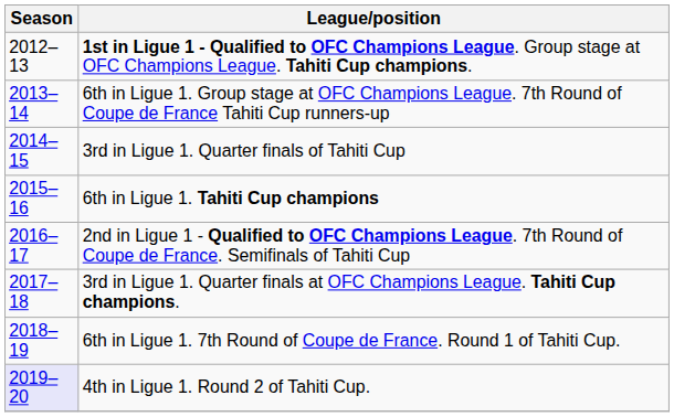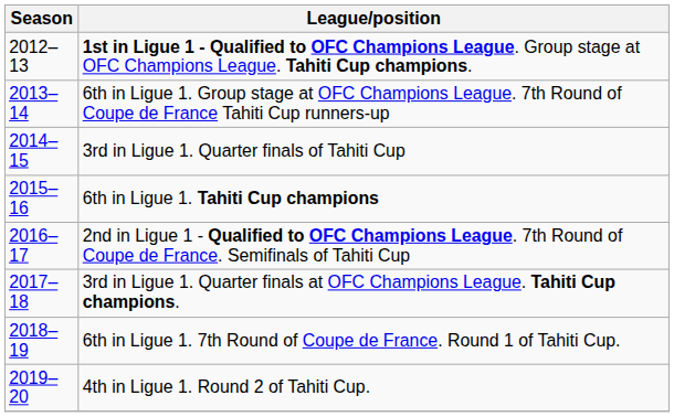 <table class="wikitable sortable">
 <tr>
 <th>Season</th>
 <th>League/position</th>
 </tr>
 <tr>
 <td>2012–13</td>
 <td><strong>1st in Ligue 1 - Qualified to <a href='#'> OFC Champions League</a></strong>. Group stage at <a href='#'>OFC Champions League</a>. <strong>Tahiti Cup champions</strong>.</td>
 </tr>
 <tr>
 <td><a href='#'>2013–14</a></td>
 <td>6th in Ligue 1. Group stage at <a href='#'> OFC Champions League</a>. 7th Round of <a href='#'>Coupe de France</a> Tahiti Cup runners-up</td>
 </tr>
 <tr>
 <td><a href='#'>2014–15</a></td>
 <td>3rd in Ligue 1. Quarter finals of Tahiti Cup</td>
 </tr>
 <tr>
 <td><a href='#'>2015–16</a></td>
 <td>6th in Ligue 1. <strong>Tahiti Cup champions</strong></td>
 </tr>
 <tr>
 <td><a href='#'>2016–17</a></td>
 <td>2nd in Ligue 1 - <strong>Qualified to <a href='#'>OFC Champions League</a></strong>. 7th Round of <a href='#'>Coupe de France</a>. Semifinals of Tahiti Cup</td>
 </tr>
 <tr>
 <td><a href='#'>2017–18</a></td>
 <td>3rd in Ligue 1. Quarter finals at <a href='#'>OFC Champions League</a>. <strong>Tahiti Cup champions</strong>.</td>
 </tr>
 <tr>
 <td><a href='#'>2018–19</a></td>
 <td>6th in Ligue 1. 7th Round of <a href='#'>Coupe de France</a>. Round 1 of Tahiti Cup.</td>
 </tr>
 <tr>
-<td style="background: lavender;"><a href='#'>2019–20</a></td>
+<td><a href='#'>2019–20</a></td>
 <td>4th in Ligue 1. Round 2 of Tahiti Cup.</td>
 </tr>
 <tr>
 </tr>
 </table>
